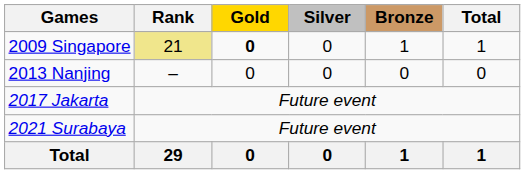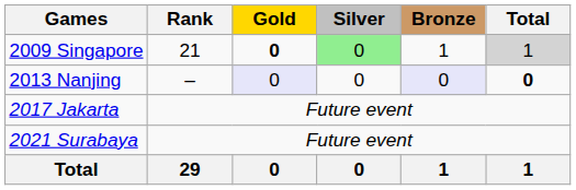 <table class="wikitable sortable" style="margin-top:0; text-align:center;">
 <tr>
 <th>Games</th>
 <th style="width:4em;">Rank</th>
 <td style="background:gold; width:4em;"><strong>Gold</strong></td>
 <td style="background:silver; width:4em;"><strong>Silver</strong></td>
 <td style="background:#c96; width:4em;"><strong>Bronze</strong></td>
 <th style="width:4em;">Total</th>
 </tr>
 <tr>
 <td align=left><a href='#'>2009 Singapore</a></td>
-<td style="background: khaki;">21</td>
+<td>21</td>
 <td><strong>0</strong></td>
-<td>0</td>
+<td style="background: lightgreen;">0</td>
 <td>1</td>
-<td>1</td>
+<td style="background: lightgrey;">1</td>
 </tr>
 <tr>
 <td align=left><a href='#'>2013 Nanjing</a></td>
 <td>–</td>
+<td style="background: lavender;">0</td>
 <td>0</td>
-<td>0</td>
-<td>0</td>
-<td>0</td>
+<td style="background: lavender;">0</td>
+<td><strong>0</strong></td>
 </tr>
 <tr>
 <td align=left><em><a href='#'>2017 Jakarta</a></em></td>
 <td colspan=5><em>Future event</em></td>
 </tr>
 <tr>
 <td align=left><em><a href='#'>2021 Surabaya</a></em></td>
 <td colspan=5><em>Future event</em></td>
 </tr>
 <tr>
 <th>Total</th>
 <th>29</th>
 <th>0</th>
 <th>0</th>
 <th>1</th>
 <th>1</th>
 </tr>
 </table>
